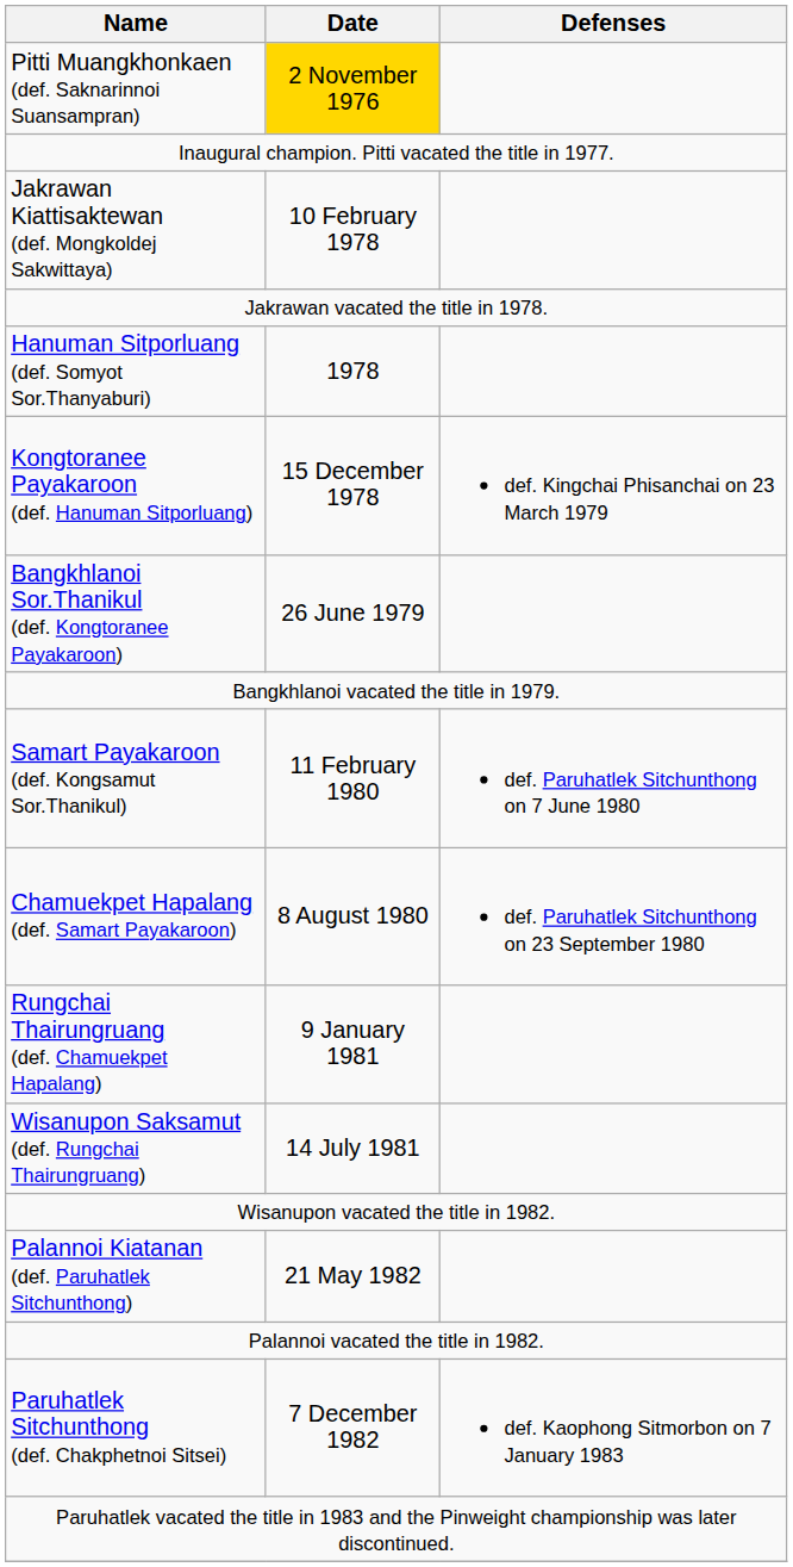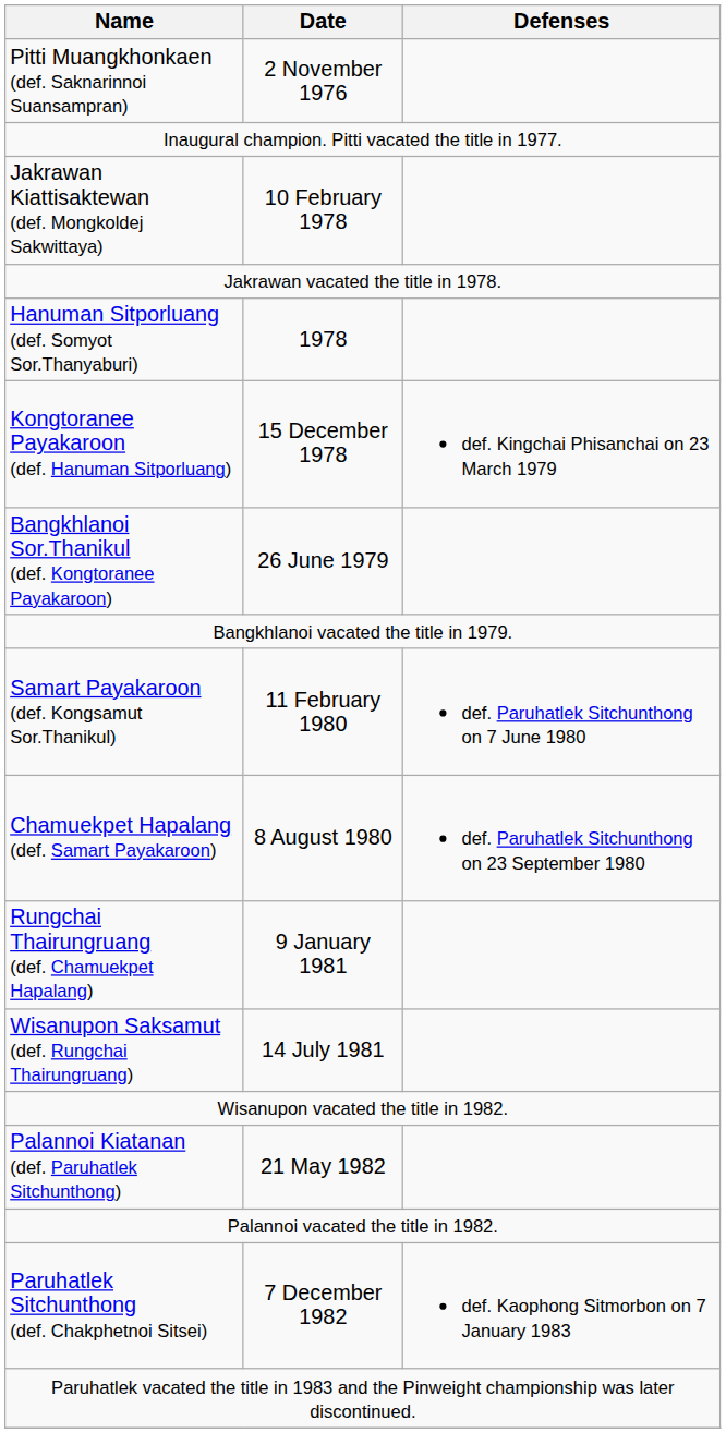 <table class="wikitable" width=60%>
 <tr>
 <th width=30%>Name</th>
 <th width=20%>Date</th>
 <th width=40%>Defenses</th>
 </tr>
 <tr>
 <td align=left> Pitti Muangkhonkaen <br><small>(def. Saknarinnoi Suansampran)</small></td>
-<td align=center style="background: gold;">2 November 1976</td>
+<td align=center>2 November 1976</td>
 <td></td>
 </tr>
 <tr>
 <td colspan=4 align=center><small>Inaugural champion. Pitti vacated the title in 1977.</small></td>
 </tr>
 <tr>
 <td align=left> Jakrawan Kiattisaktewan <br><small>(def. Mongkoldej Sakwittaya)</small></td>
 <td align=center>10 February 1978</td>
 <td></td>
 </tr>
 <tr>
 <td colspan=4 align=center><small>Jakrawan vacated the title in 1978.</small></td>
 </tr>
 <tr>
 <td align=left> <a href='#'>Hanuman Sitporluang</a> <br><small>(def. Somyot Sor.Thanyaburi)</small></td>
 <td align=center>1978</td>
 <td></td>
 </tr>
 <tr>
 <td align=left> <a href='#'>Kongtoranee Payakaroon</a> <br><small>(def. <a href='#'>Hanuman Sitporluang</a>)</small></td>
 <td align=center>15 December 1978</td>
 <td><br><ul><li><small>def. Kingchai Phisanchai on 23 March 1979</small></li></ul></td>
 </tr>
 <tr>
 <td align=left> <a href='#'>Bangkhlanoi Sor.Thanikul</a> <br><small>(def. <a href='#'>Kongtoranee Payakaroon</a>)</small></td>
 <td align=center>26 June 1979</td>
 <td></td>
 </tr>
 <tr>
 <td colspan=4 align=center><small>Bangkhlanoi vacated the title in 1979.</small></td>
 </tr>
 <tr>
 <td align=left> <a href='#'>Samart Payakaroon</a> <br><small>(def. Kongsamut Sor.Thanikul)</small></td>
 <td align=center>11 February 1980</td>
 <td><br><ul><li><small>def. <a href='#'>Paruhatlek Sitchunthong</a> on 7 June 1980</small></li></ul></td>
 </tr>
 <tr>
 <td align=left> <a href='#'>Chamuekpet Hapalang</a> <br><small>(def. <a href='#'>Samart Payakaroon</a>)</small></td>
 <td align=center>8 August 1980</td>
 <td><br><ul><li><small>def. <a href='#'>Paruhatlek Sitchunthong</a> on 23 September 1980</small></li></ul></td>
 </tr>
 <tr>
 <td align=left> <a href='#'>Rungchai Thairungruang</a> <br><small>(def. <a href='#'>Chamuekpet Hapalang</a>)</small></td>
 <td align=center>9 January 1981</td>
 <td></td>
 </tr>
 <tr>
 <td align=left> <a href='#'>Wisanupon Saksamut</a> <br><small>(def. <a href='#'>Rungchai Thairungruang</a>)</small></td>
 <td align=center>14 July 1981</td>
 <td></td>
 </tr>
 <tr>
 <td colspan=4 align=center><small>Wisanupon vacated the title in 1982.</small></td>
 </tr>
 <tr>
 <td align=left> <a href='#'>Palannoi Kiatanan</a> <br><small>(def. <a href='#'>Paruhatlek Sitchunthong</a>)</small></td>
 <td align=center>21 May 1982</td>
 <td></td>
 </tr>
 <tr>
 <td colspan=4 align=center><small>Palannoi vacated the title in 1982.</small></td>
 </tr>
 <tr>
 <td align=left> <a href='#'>Paruhatlek Sitchunthong</a> <br><small>(def. Chakphetnoi Sitsei)</small></td>
 <td align=center>7 December 1982</td>
 <td><br><ul><li><small>def. Kaophong Sitmorbon on 7 January 1983</small></li></ul></td>
 </tr>
 <tr>
 <td colspan=4 align=center><small>Paruhatlek vacated the title in 1983 and the Pinweight championship was later discontinued.</small></td>
 </tr>
 <tr>
 </tr>
 <tr>
 </tr>
 </table>
